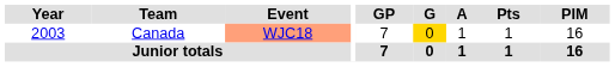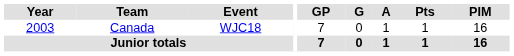 <table border="0" cellpadding="1" cellspacing="0" ID="Table3" style="text-align:center; width:40em">
 <tr ALIGN="center" bgcolor="#e0e0e0">
 <th>Year</th>
 <th>Team</th>
 <th>Event</th>
 <th rowspan="99" bgcolor="#ffffff"></th>
 <th>GP</th>
 <th>G</th>
 <th>A</th>
 <th>Pts</th>
 <th>PIM</th>
 </tr>
 <tr>
 <td><a href='#'>2003</a></td>
 <td><a href='#'>Canada</a></td>
-<td style="background: lightsalmon;"><a href='#'>WJC18</a></td>
+<td><a href='#'>WJC18</a></td>
 <td>7</td>
-<td style="background: gold;">0</td>
+<td>0</td>
 <td>1</td>
 <td>1</td>
 <td>16</td>
 </tr>
 <tr bgcolor="#e0e0e0">
 <th colspan="3">Junior totals</th>
 <th>7</th>
 <th>0</th>
 <th>1</th>
 <th>1</th>
 <th>16</th>
 </tr>
 </table>
